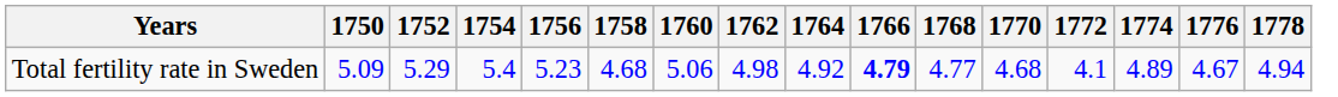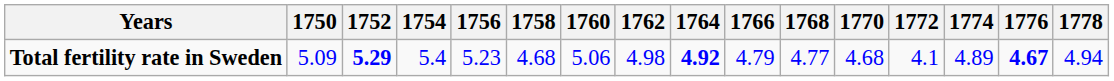 <table class="wikitable " style="text-align:right">
 <tr>
 <th>Years</th>
 <th>1750</th>
 <th>1752</th>
 <th>1754</th>
 <th>1756</th>
 <th>1758</th>
 <th>1760</th>
 <th>1762</th>
 <th>1764</th>
 <th>1766</th>
 <th>1768</th>
 <th>1770</th>
 <th>1772</th>
 <th>1774</th>
 <th>1776</th>
 <th>1778</th>
 </tr>
 <tr>
-<td style="text-align:left;">Total fertility rate in Sweden</td>
+<td style="text-align:left;"><strong>Total fertility rate in Sweden</strong></td>
 <td style="text-align:right; color:blue;">5.09</td>
-<td style="text-align:right; color:blue;">5.29</td>
+<td style="text-align:right; color:blue;"><strong>5.29</strong></td>
 <td style="text-align:right; color:blue;">5.4</td>
 <td style="text-align:right; color:blue;">5.23</td>
 <td style="text-align:right; color:blue;">4.68</td>
 <td style="text-align:right; color:blue;">5.06</td>
 <td style="text-align:right; color:blue;">4.98</td>
-<td style="text-align:right; color:blue;">4.92</td>
-<td style="text-align:right; color:blue;"><strong>4.79</strong></td>
+<td style="text-align:right; color:blue;"><strong>4.92</strong></td>
+<td style="text-align:right; color:blue;">4.79</td>
 <td style="text-align:right; color:blue;">4.77</td>
 <td style="text-align:right; color:blue;">4.68</td>
 <td style="text-align:right; color:blue;">4.1</td>
 <td style="text-align:right; color:blue;">4.89</td>
-<td style="text-align:right; color:blue;">4.67</td>
+<td style="text-align:right; color:blue;"><strong>4.67</strong></td>
 <td style="text-align:right; color:blue;">4.94</td>
 </tr>
 </table>
